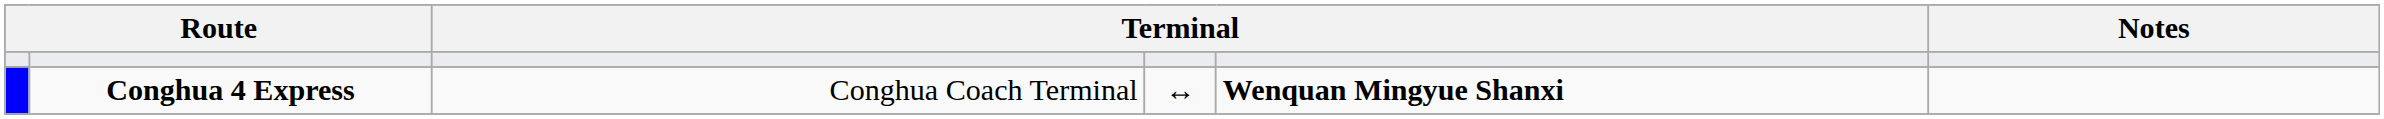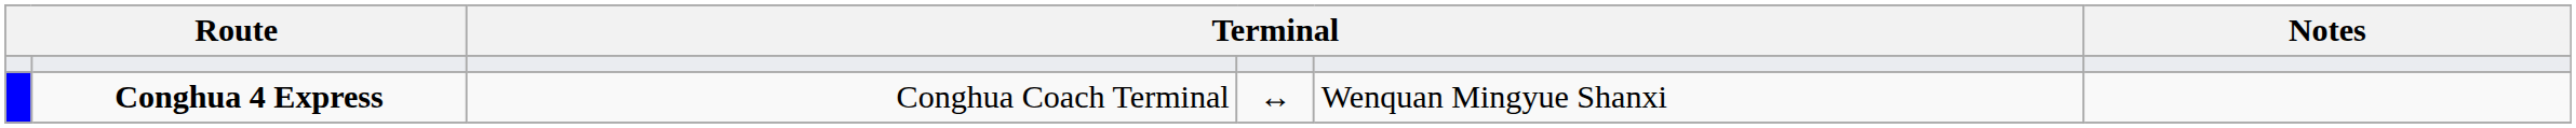 <table class="wikitable sortable" style="width:100%; text-align:center;">
 <tr>
 <th colspan="2" width="18%">Route</th>
 <th colspan="3">Terminal</th>
 <th width="19%">Notes</th>
 </tr>
 <tr style="background:#EAECF0" height=0>
 <td width="1%"></td>
 <td></td>
 <td width="30%"></td>
 <td></td>
 <td width="30%"></td>
 <td></td>
 </tr>
 <tr>
 <td style="background:blue"></td>
 <td><strong>Conghua 4 Express</strong></td>
 <td align=right>Conghua Coach Terminal</td>
 <td>↔</td>
-<td align=left><strong>Wenquan Mingyue Shanxi</strong></td>
+<td align=left>Wenquan Mingyue Shanxi</td>
 <td></td>
 </tr>
 </table>
